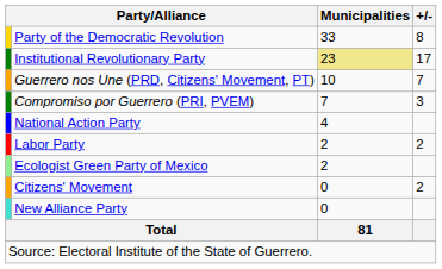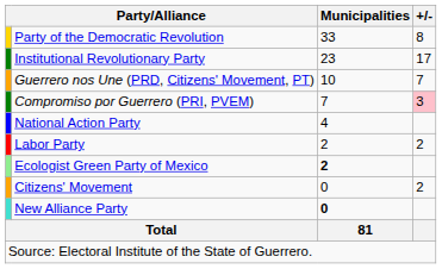 <table class="wikitable">
 <tr>
 <th colspan="2">Party/Alliance</th>
 <th>Municipalities</th>
 <th>+/-</th>
 </tr>
 <tr>
 <td bgcolor="gold"></td>
 <td><a href='#'>Party of the Democratic Revolution</a></td>
 <td>33</td>
 <td>8</td>
 </tr>
 <tr>
 <td bgcolor="green"></td>
 <td><a href='#'>Institutional Revolutionary Party</a></td>
-<td style="background: khaki;">23</td>
+<td>23</td>
 <td>17</td>
 </tr>
 <tr>
 <td bgcolor="orange"></td>
 <td><em>Guerrero nos Une</em> (<a href='#'>PRD</a>, <a href='#'>Citizens' Movement</a>, <a href='#'>PT</a>)</td>
 <td>10</td>
 <td>7</td>
 </tr>
 <tr>
 <td bgcolor="green"></td>
 <td><em>Compromiso por Guerrero</em> (<a href='#'>PRI</a>, <a href='#'>PVEM</a>)</td>
 <td>7</td>
-<td>3</td>
+<td style="background: pink;">3</td>
 </tr>
 <tr>
 <td bgcolor="blue"></td>
 <td><a href='#'>National Action Party</a></td>
 <td>4</td>
 <td></td>
 </tr>
 <tr>
 <td bgcolor="red"></td>
 <td><a href='#'>Labor Party</a></td>
 <td>2</td>
 <td>2</td>
 </tr>
 <tr>
 <td bgcolor="lightgreen"></td>
 <td><a href='#'>Ecologist Green Party of Mexico</a></td>
-<td>2</td>
+<td><strong>2</strong></td>
 <td></td>
 </tr>
 <tr>
 <td bgcolor="orange"></td>
 <td><a href='#'>Citizens' Movement</a></td>
 <td>0</td>
 <td>2</td>
 </tr>
 <tr>
 <td bgcolor="turquoise"></td>
 <td><a href='#'>New Alliance Party</a></td>
-<td>0</td>
+<td><strong>0</strong></td>
 <td></td>
 </tr>
 <tr>
 <th colspan="2">Total</th>
 <th>81</th>
 <th></th>
 </tr>
 <tr>
 <td colspan="4">Source: Electoral Institute of the State of Guerrero.</td>
 </tr>
 </table>
